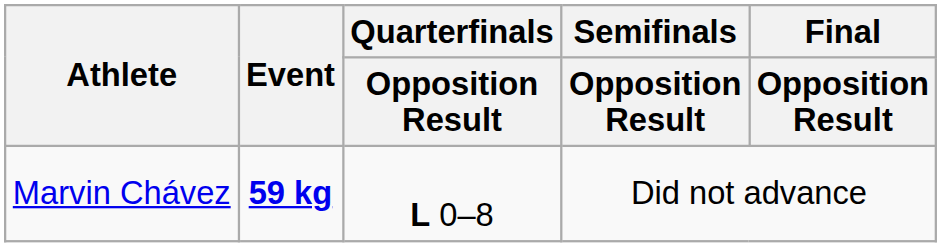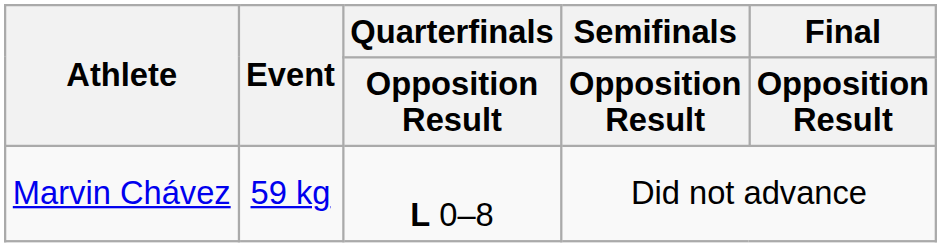 <table class="wikitable" border="1" style="font-size:90%">
 <tr>
 <th rowspan=2>Athlete</th>
 <th rowspan=2>Event</th>
 <th>Quarterfinals</th>
 <th>Semifinals</th>
 <th>Final</th>
 </tr>
 <tr>
 <th>Opposition<br>Result</th>
 <th>Opposition<br>Result</th>
 <th>Opposition<br>Result</th>
 </tr>
 <tr align=center>
 <td><a href='#'>Marvin Chávez</a></td>
-<td><strong><a href='#'>59 kg</a></strong></td>
+<td><a href='#'>59 kg</a></td>
 <td><br><strong>L</strong> 0–8 <sup></sup></td>
 <td colspan=2>Did not advance</td>
 </tr>
 </table>
